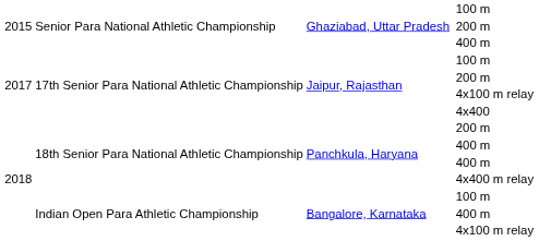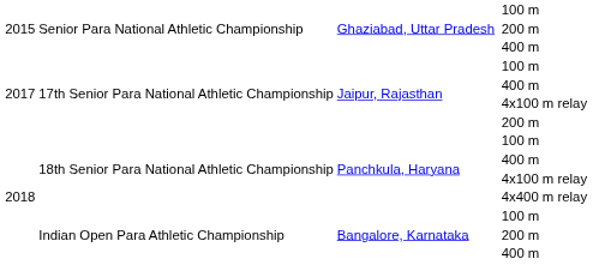 <table>
 <tr>
 <td rowspan=3>2015</td>
 <td rowspan=3>Senior Para National Athletic Championship</td>
 <td rowspan=3><a href='#'>Ghaziabad, Uttar Pradesh</a></td>
 <td></td>
 <td>100 m</td>
 </tr>
 <tr>
 <td></td>
 <td>200 m</td>
 </tr>
 <tr>
 <td></td>
 <td>400 m</td>
 </tr>
 <tr>
 <td rowspan=4>2017</td>
 <td rowspan=4>17th Senior Para National Athletic Championship</td>
 <td rowspan=4><a href='#'>Jaipur, Rajasthan</a></td>
 <td></td>
 <td>100 m</td>
 </tr>
 <tr>
 <td></td>
-<td>200 m</td>
+<td>400 m</td>
 </tr>
 <tr>
 <td></td>
 <td>4x100 m relay</td>
 </tr>
 <tr>
 <td></td>
-<td>4x400</td>
+<td>200 m</td>
 </tr>
 <tr>
 <td rowspan=7>2018</td>
 <td rowspan=4>18th Senior Para National Athletic Championship</td>
 <td rowspan=4><a href='#'>Panchkula, Haryana</a></td>
 <td></td>
-<td>200 m</td>
+<td>100 m</td>
 </tr>
 <tr>
 <td></td>
 <td>400 m</td>
 </tr>
 <tr>
 <td></td>
-<td>400 m</td>
+<td>4x100 m relay</td>
 </tr>
 <tr>
 <td></td>
 <td>4x400 m relay</td>
 </tr>
 <tr>
 <td rowspan=3>Indian Open Para Athletic Championship</td>
 <td rowspan=3><a href='#'>Bangalore, Karnataka</a></td>
 <td></td>
 <td>100 m</td>
 </tr>
 <tr>
 <td></td>
-<td>400 m</td>
+<td>200 m</td>
 </tr>
 <tr>
 <td></td>
-<td>4x100 m relay</td>
+<td>400 m</td>
 </tr>
 </table>
